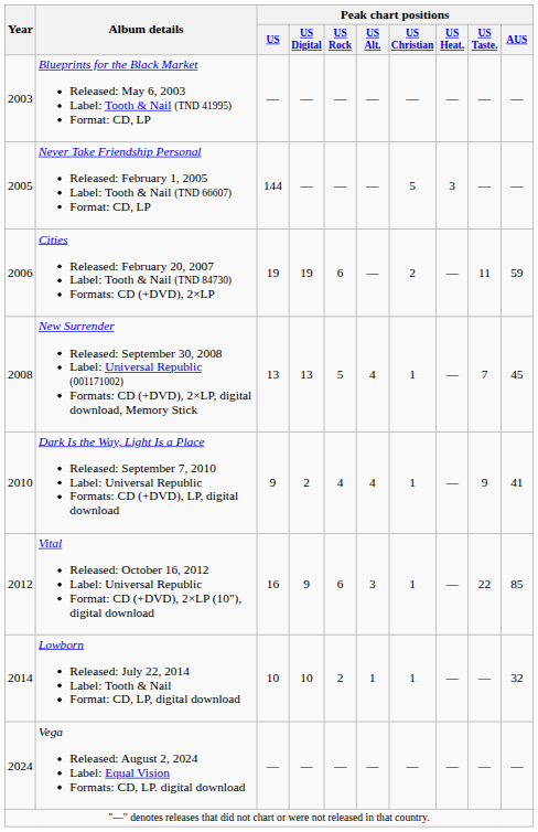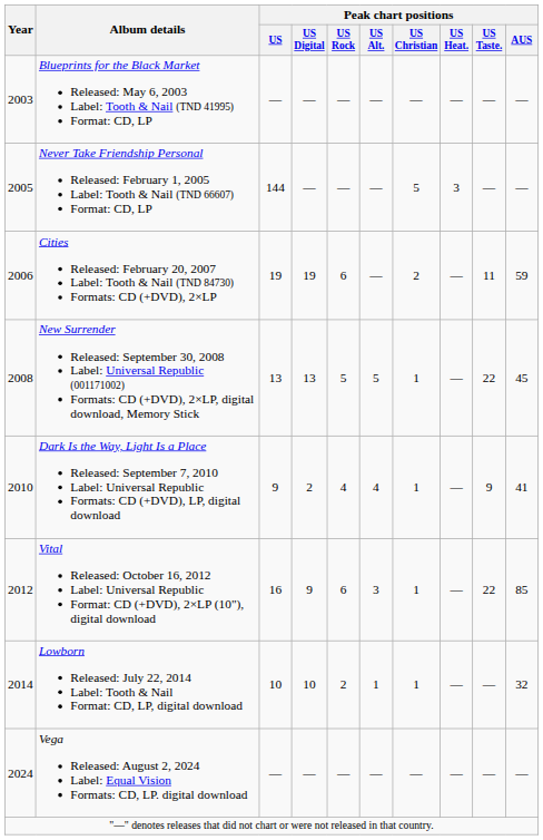 <table class="wikitable" style="text-align:center;">
 <tr>
 <th rowspan="2">Year</th>
 <th rowspan="2" style="width:275px;">Album details</th>
 <th colspan="8">Peak chart positions</th>
 </tr>
 <tr style="font-size:smaller;">
 <th style="width:35px;"><a href='#'>US</a><br></th>
 <th style="width:35px;"><a href='#'>US<br>Digital</a></th>
 <th style="width:35px;"><a href='#'>US<br>Rock</a></th>
 <th style="width:35px;"><a href='#'>US<br>Alt.</a></th>
 <th style="width:35px;"><a href='#'>US<br>Christian</a></th>
 <th style="width:35px;"><a href='#'>US<br>Heat.</a><br></th>
 <th style="width:35px;"><a href='#'>US<br>Taste.</a></th>
 <th style="width:35px;"><a href='#'>AUS</a><br></th>
 </tr>
 <tr>
 <td>2003</td>
 <td style="text-align:left;"><em><a href='#'>Blueprints for the Black Market</a></em><br><ul><li>Released: May 6, 2003</li><li>Label: <a href='#'>Tooth & Nail</a> <small>(TND 41995)</small></li><li>Format: CD, LP</li></ul></td>
 <td>—</td>
 <td>—</td>
 <td>—</td>
 <td>—</td>
 <td>—</td>
 <td>—</td>
 <td>—</td>
 <td>—</td>
 </tr>
 <tr>
 <td>2005</td>
 <td style="text-align:left;"><em><a href='#'>Never Take Friendship Personal</a></em><br><ul><li>Released: February 1, 2005</li><li>Label: Tooth & Nail <small>(TND 66607)</small></li><li>Format: CD, LP</li></ul></td>
 <td>144</td>
 <td>—</td>
 <td>—</td>
 <td>—</td>
 <td>5</td>
 <td>3</td>
 <td>—</td>
 <td>—</td>
 </tr>
 <tr>
 <td>2006</td>
 <td style="text-align:left;"><em><a href='#'>Cities</a></em><br><ul><li>Released: February 20, 2007</li><li>Label: Tooth & Nail <small>(TND 84730)</small></li><li>Formats: CD (+DVD), 2×LP</li></ul></td>
 <td>19</td>
 <td>19</td>
 <td>6</td>
 <td>—</td>
 <td>2</td>
 <td>—</td>
 <td>11</td>
 <td>59</td>
 </tr>
 <tr>
 <td>2008</td>
 <td style="text-align:left;"><em><a href='#'>New Surrender</a></em><br><ul><li>Released: September 30, 2008</li><li>Label: <a href='#'>Universal Republic</a> <small>(001171002)</small></li><li>Formats: CD (+DVD), 2×LP, digital download, Memory Stick</li></ul></td>
 <td>13</td>
 <td>13</td>
 <td>5</td>
-<td>4</td>
+<td>5</td>
 <td>1</td>
 <td>—</td>
-<td>7</td>
+<td>22</td>
 <td>45</td>
 </tr>
 <tr>
 <td>2010</td>
 <td style="text-align:left;"><em><a href='#'>Dark Is the Way, Light Is a Place</a></em><br><ul><li>Released: September 7, 2010</li><li>Label: Universal Republic</li><li>Formats: CD (+DVD), LP, digital download</li></ul></td>
 <td>9</td>
 <td>2</td>
 <td>4</td>
 <td>4</td>
 <td>1</td>
 <td>—</td>
 <td>9</td>
 <td>41</td>
 </tr>
 <tr>
 <td>2012</td>
 <td style="text-align:left;"><em><a href='#'>Vital</a></em><br><ul><li>Released: October 16, 2012</li><li>Label:  Universal Republic</li><li>Format: CD (+DVD), 2×LP (10"), digital download</li></ul></td>
 <td>16</td>
 <td>9</td>
 <td>6</td>
 <td>3</td>
 <td>1</td>
 <td>—</td>
 <td>22</td>
 <td>85</td>
 </tr>
 <tr>
 <td>2014</td>
 <td style="text-align:left;"><em><a href='#'>Lowborn</a></em><br><ul><li>Released: July 22, 2014</li><li>Label:  Tooth & Nail</li><li>Format: CD, LP, digital download</li></ul></td>
 <td>10</td>
 <td>10</td>
 <td>2</td>
 <td>1</td>
 <td>1</td>
 <td>—</td>
 <td>—</td>
 <td>32</td>
 </tr>
 <tr>
 <td>2024</td>
 <td style="text-align:left;"><em>Vega</em><br><ul><li>Released: August 2, 2024</li><li>Label:  <a href='#'>Equal Vision</a></li><li>Formats: CD, LP. digital download</li></ul></td>
 <td>—</td>
 <td>—</td>
 <td>—</td>
 <td>—</td>
 <td>—</td>
 <td>—</td>
 <td>—</td>
 <td>—</td>
 </tr>
 <tr>
 <td colspan="10" style="text-align:center; font-size:85%">"—" denotes releases that did not chart or were not released in that country.</td>
 </tr>
 </table>
